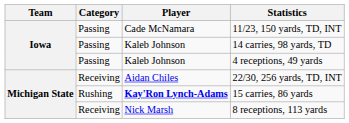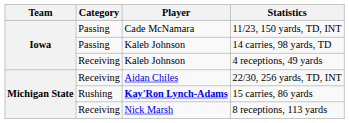 <table class="wikitable" style="float:right">
 <tr>
 <th>Team</th>
 <th>Category</th>
 <th>Player</th>
 <th>Statistics</th>
 </tr>
 <tr>
 <th rowspan=3>Iowa</th>
 <td>Passing</td>
 <td>Cade McNamara</td>
 <td>11/23, 150 yards, TD, INT</td>
 </tr>
 <tr>
 <td>Passing</td>
 <td>Kaleb Johnson</td>
 <td>14 carries, 98 yards, TD</td>
 </tr>
 <tr>
-<td>Passing</td>
+<td>Receiving</td>
 <td>Kaleb Johnson</td>
 <td>4 receptions, 49 yards</td>
 </tr>
 <tr>
 <th rowspan=3>Michigan State</th>
 <td>Receiving</td>
 <td><a href='#'>Aidan Chiles</a></td>
 <td>22/30, 256 yards, TD, INT</td>
 </tr>
 <tr>
 <td>Rushing</td>
 <td><strong><a href='#'>Kay'Ron Lynch-Adams</a></strong></td>
 <td>15 carries, 86 yards</td>
 </tr>
 <tr>
 <td>Receiving</td>
 <td><a href='#'>Nick Marsh</a></td>
 <td>8 receptions, 113 yards</td>
 </tr>
 </table>
